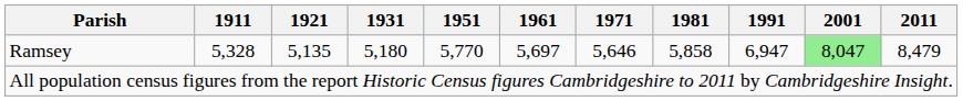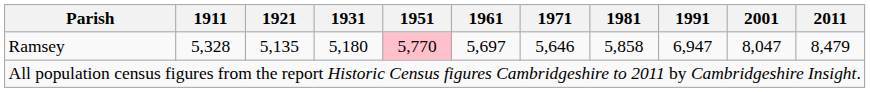 <table class="wikitable" style="text-align:center">
 <tr>
 <th width="150">Parish</th>
 <th>1911</th>
 <th>1921</th>
 <th>1931</th>
 <th>1951</th>
 <th>1961</th>
 <th>1971</th>
 <th>1981</th>
 <th>1991</th>
 <th>2001</th>
 <th>2011</th>
 </tr>
 <tr>
 <td align=left>Ramsey</td>
 <td align="center">5,328</td>
 <td align="center">5,135</td>
 <td align="center">5,180</td>
-<td align="center">5,770</td>
+<td align="center" style="background: pink;">5,770</td>
 <td align="center">5,697</td>
 <td align="center">5,646</td>
 <td align="center">5,858</td>
 <td align="center">6,947</td>
-<td align="center" style="background: lightgreen;">8,047</td>
+<td align="center">8,047</td>
 <td align="center">8,479</td>
 </tr>
 <tr>
 <td colspan="11">All population census figures from the report <em>Historic Census figures Cambridgeshire to 2011</em> by <em>Cambridgeshire Insight</em>.</td>
 </tr>
 </table>
